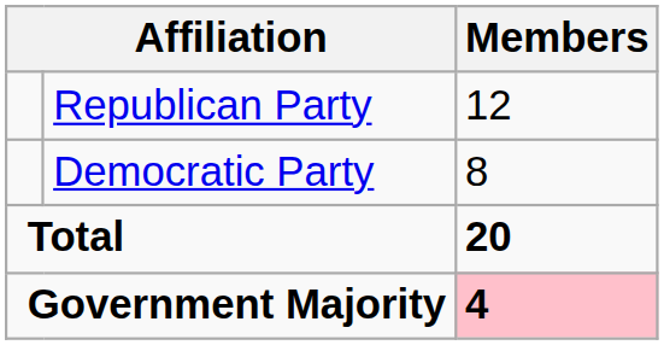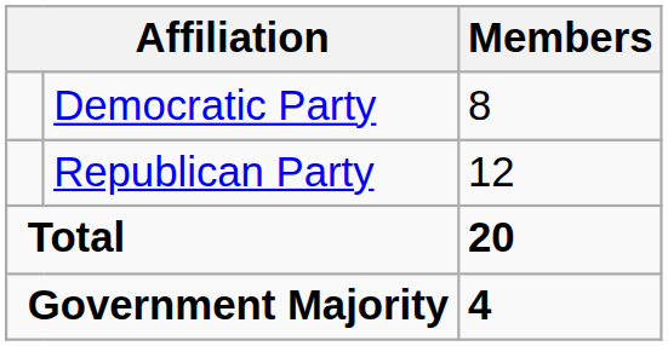 <table class="wikitable">
 <tr>
 <th colspan="2">Affiliation</th>
 <th>Members</th>
 </tr>
 <tr>
 <td style="background-color:"> </td>
-<td><a href='#'>Republican Party</a></td>
-<td>12</td>
+<td><a href='#'>Democratic Party</a></td>
+<td>8</td>
 </tr>
 <tr>
 <td style="background-color:"> </td>
-<td><a href='#'>Democratic Party</a></td>
-<td>8</td>
+<td><a href='#'>Republican Party</a></td>
+<td>12</td>
 </tr>
 <tr>
 <td colspan="2" rowspan="1"> <strong>Total</strong><br></td>
 <td><strong>20</strong></td>
 </tr>
 <tr>
 <td colspan="2" rowspan="1"> <strong>Government Majority</strong><br></td>
-<td style="background: pink;"><strong>4</strong></td>
+<td><strong>4</strong></td>
 </tr>
 </table>
